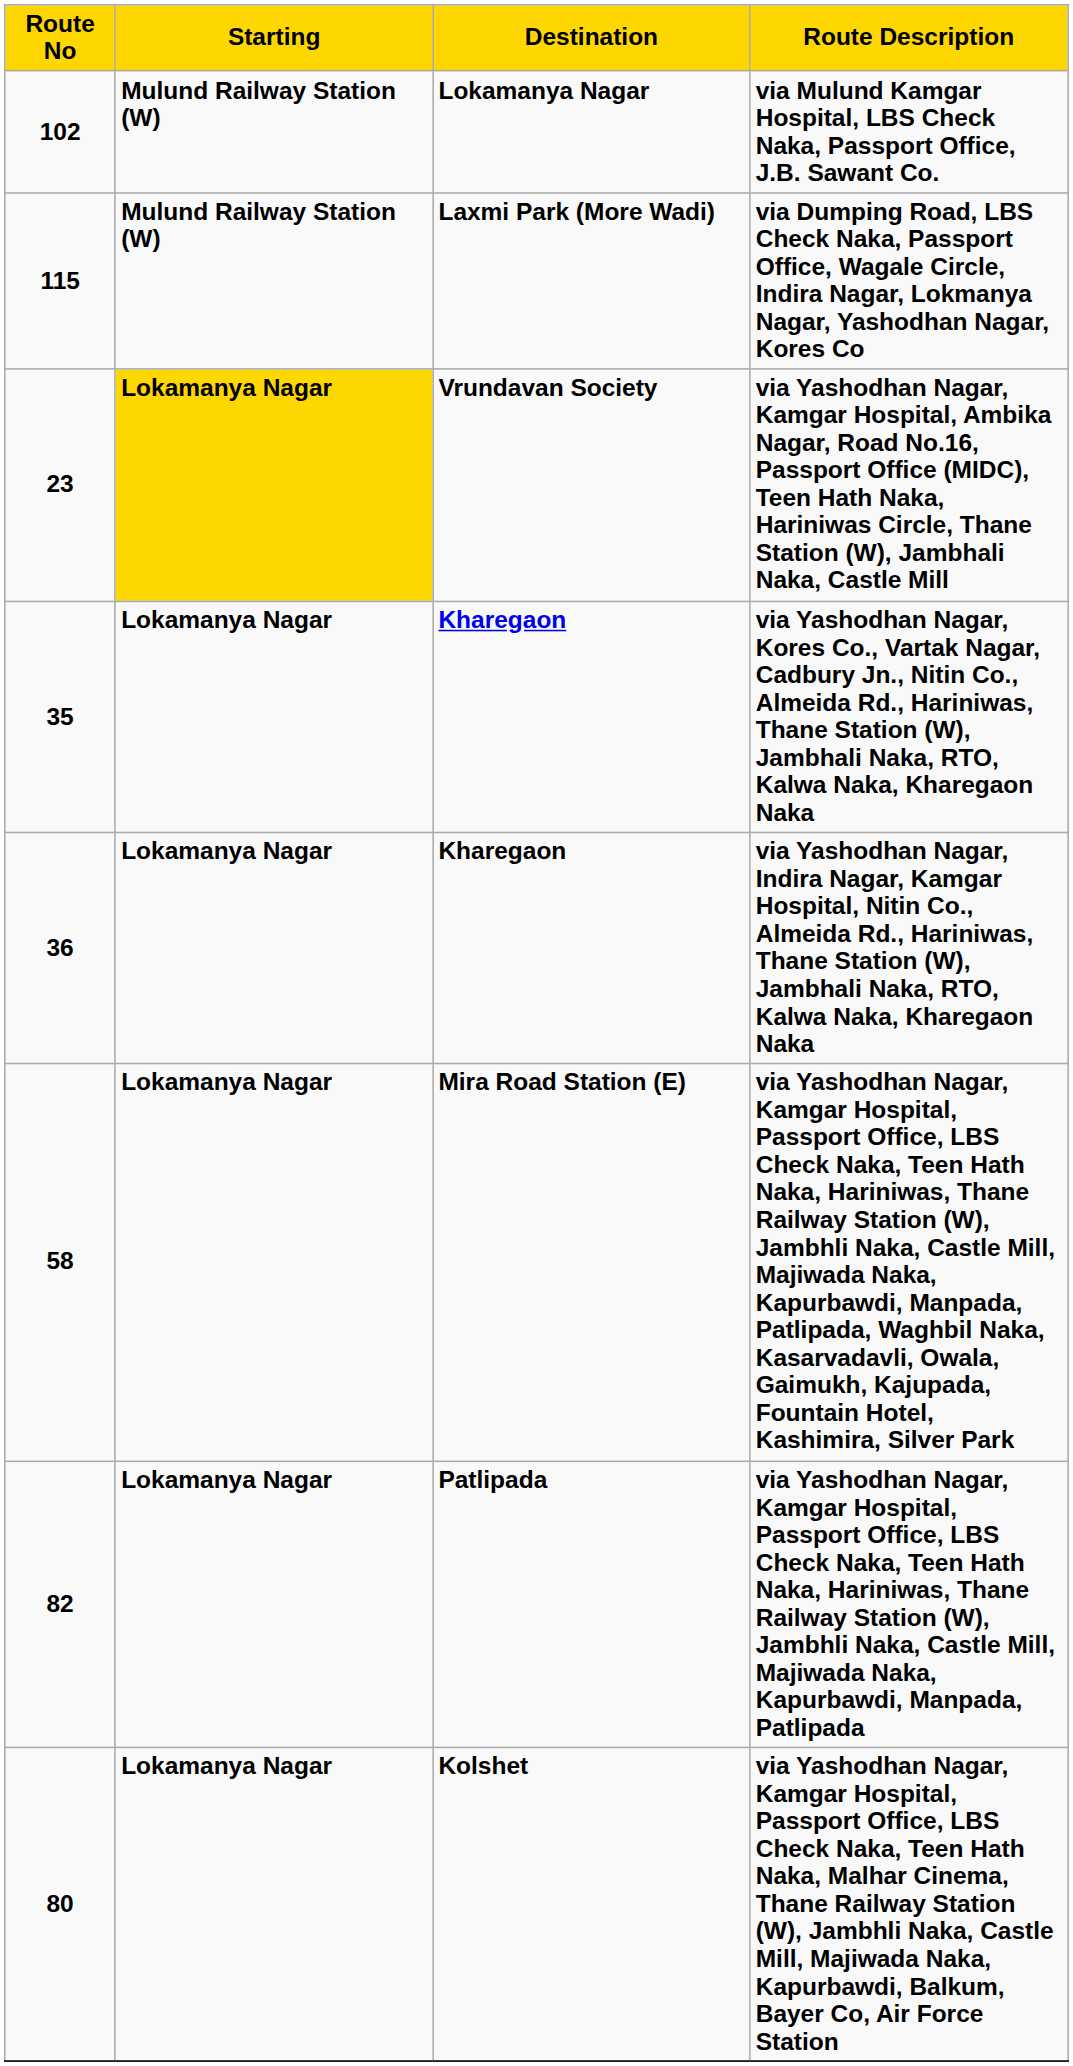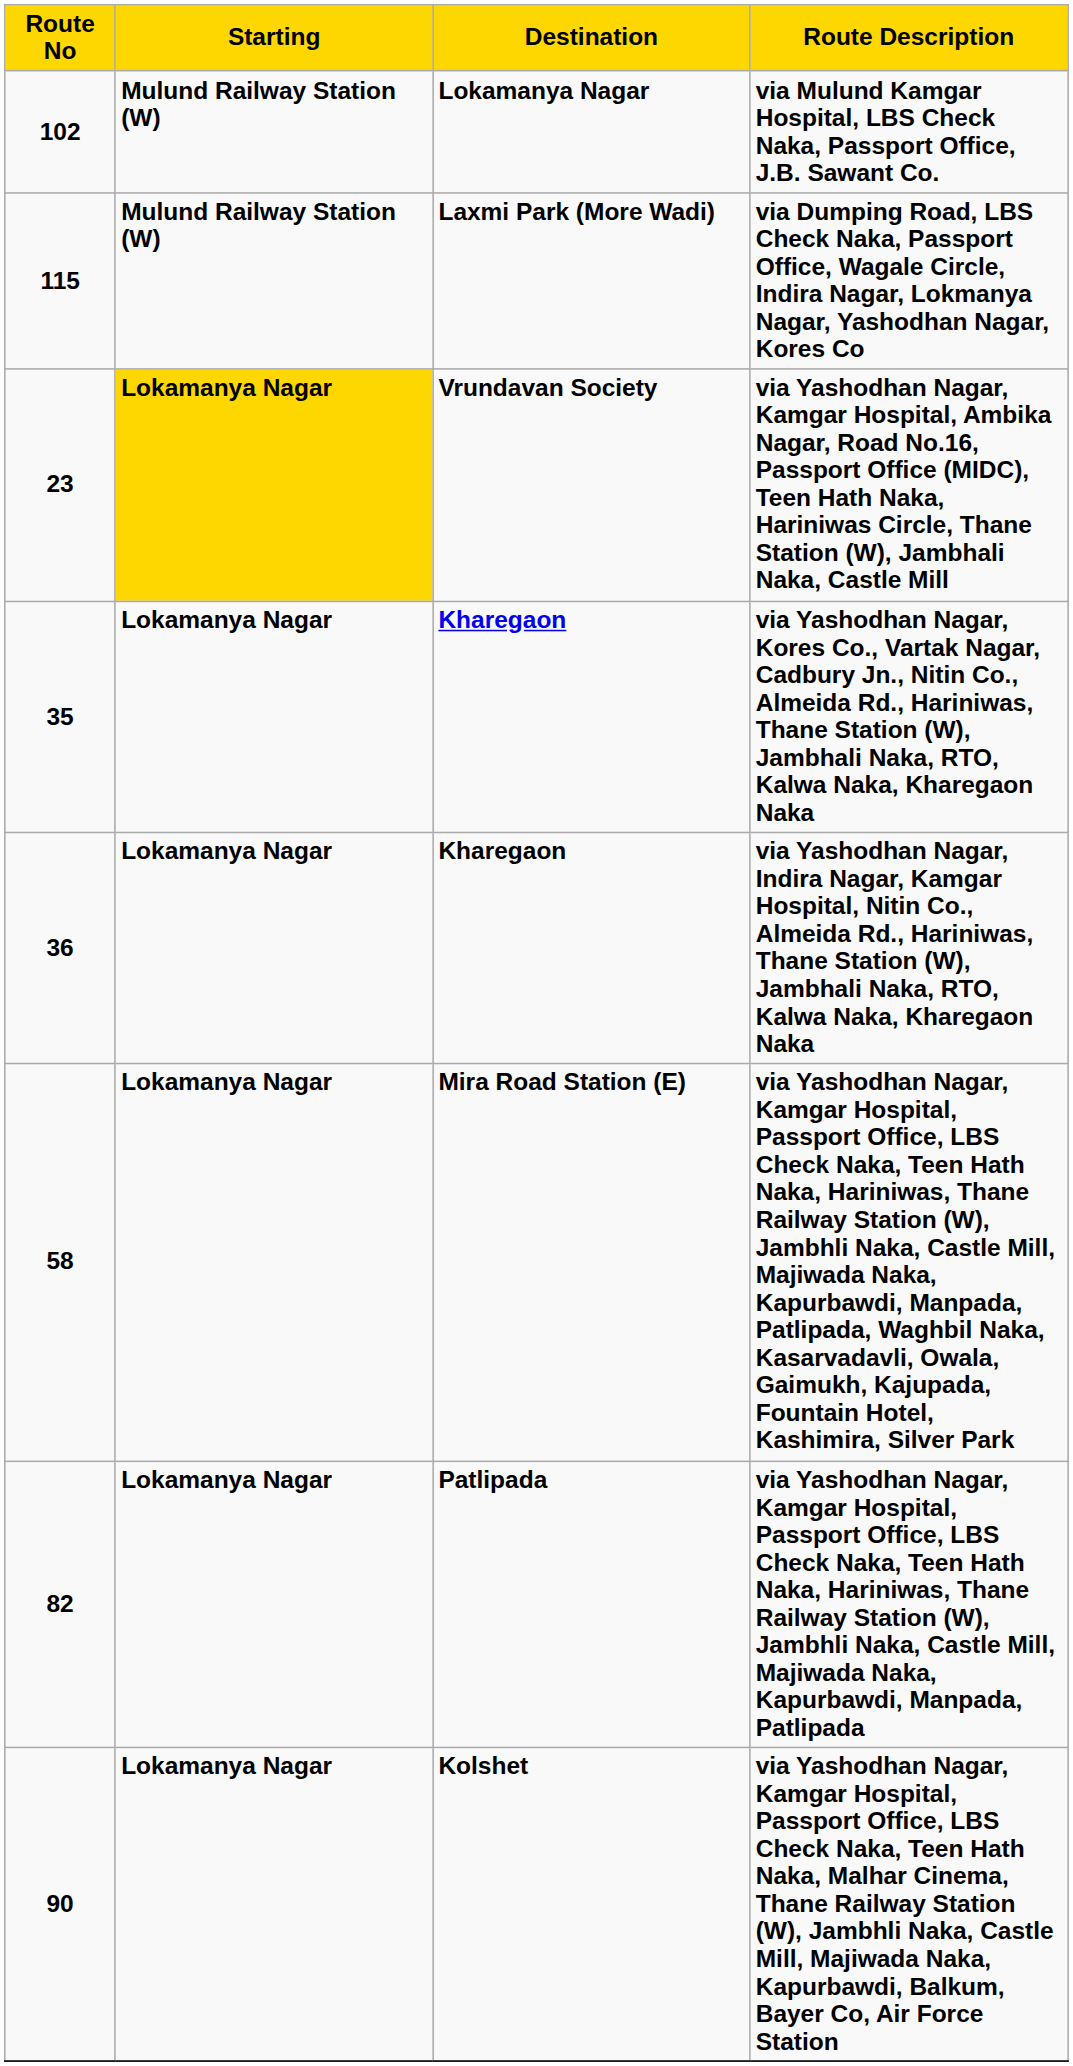 <table class="wikitable" style="border:1px solid black;">
 <tr>
 <th style="background-color:#FFD700" width="65">Route No</th>
 <th style="background-color:#FFD700" width="200">Starting</th>
 <th style="background-color:#FFD700" width="200">Destination</th>
 <th style="background-color:#FFD700" width="200">Route Description</th>
 </tr>
 <tr>
 <td valign="centre" align="center"><strong>102</strong></td>
 <td valign="top"><strong>Mulund Railway Station (W) </strong></td>
 <td valign="top"><strong>Lokamanya Nagar</strong></td>
 <td valign="top"><strong>via Mulund Kamgar Hospital, LBS Check Naka, Passport Office, J.B. Sawant Co.</strong></td>
 </tr>
 <tr>
 <td valign="centre" align="center"><strong>115</strong></td>
 <td valign="top"><strong>Mulund Railway Station (W) </strong></td>
 <td valign="top"><strong>Laxmi Park (More Wadi)</strong></td>
 <td valign="top"><strong>via Dumping Road, LBS Check Naka, Passport Office, Wagale Circle, Indira Nagar, Lokmanya Nagar, Yashodhan Nagar, Kores Co</strong></td>
 </tr>
 <tr>
 <td valign="centre" align="center"><strong>23</strong></td>
 <td valign="top" style="background: gold;"><strong>Lokamanya Nagar</strong></td>
 <td valign="top"><strong>Vrundavan Society</strong></td>
 <td valign="top"><strong>via Yashodhan Nagar, Kamgar Hospital, Ambika Nagar, Road No.16, Passport Office (MIDC), Teen Hath Naka, Hariniwas Circle, Thane Station (W), Jambhali Naka, Castle Mill</strong></td>
 </tr>
 <tr>
 <td valign="centre" align="center"><strong>35</strong></td>
 <td valign="top"><strong>Lokamanya Nagar</strong></td>
 <td valign="top"><strong><a href='#'>Kharegaon</a></strong></td>
 <td valign="top"><strong>via Yashodhan Nagar, Kores Co., Vartak Nagar, Cadbury Jn., Nitin Co., Almeida Rd., Hariniwas, Thane Station (W), Jambhali Naka, RTO, Kalwa Naka, Kharegaon Naka</strong></td>
 </tr>
 <tr>
 <td valign="centre" align="center"><strong>36</strong></td>
 <td valign="top"><strong>Lokamanya Nagar</strong></td>
 <td valign="top"><strong>Kharegaon</strong></td>
 <td valign="top"><strong>via Yashodhan Nagar, Indira Nagar, Kamgar Hospital, Nitin Co., Almeida Rd., Hariniwas, Thane Station (W), Jambhali Naka, RTO, Kalwa Naka, Kharegaon Naka</strong></td>
 </tr>
 <tr>
 <td valign="centre" align="center"><strong>58</strong></td>
 <td valign="top"><strong>Lokamanya Nagar</strong></td>
 <td valign="top"><strong>Mira Road Station (E)</strong></td>
 <td valign="top"><strong>via Yashodhan Nagar, Kamgar Hospital, Passport Office, LBS Check Naka, Teen Hath Naka, Hariniwas, Thane Railway Station (W), Jambhli Naka, Castle Mill, Majiwada Naka, Kapurbawdi, Manpada, Patlipada, Waghbil Naka, Kasarvadavli, Owala, Gaimukh, Kajupada, Fountain Hotel, Kashimira, Silver Park</strong></td>
 </tr>
 <tr>
 <td valign="centre" align="center"><strong>82</strong></td>
 <td valign="top"><strong>Lokamanya Nagar</strong></td>
 <td valign="top"><strong>Patlipada</strong></td>
 <td valign="top"><strong>via Yashodhan Nagar, Kamgar Hospital, Passport Office, LBS Check Naka, Teen Hath Naka, Hariniwas, Thane Railway Station (W), Jambhli Naka, Castle Mill, Majiwada Naka, Kapurbawdi, Manpada, Patlipada</strong></td>
 </tr>
 <tr>
-<td valign="centre" align="center"><strong>80</strong></td>
+<td valign="centre" align="center"><strong>90</strong></td>
 <td valign="top"><strong>Lokamanya Nagar</strong></td>
 <td valign="top"><strong>Kolshet</strong></td>
 <td valign="top"><strong>via Yashodhan Nagar, Kamgar Hospital, Passport Office, LBS Check Naka, Teen Hath Naka, Malhar Cinema, Thane Railway Station (W), Jambhli Naka, Castle Mill, Majiwada Naka, Kapurbawdi, Balkum, Bayer Co, Air Force Station</strong></td>
 </tr>
 <tr>
 </tr>
 </table>
